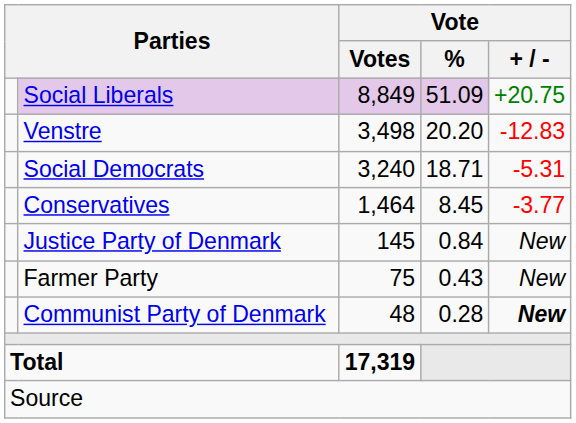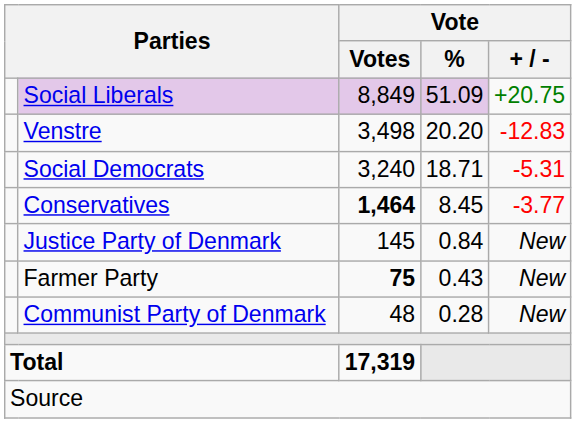 <table class="wikitable" style="text-align:right;">
 <tr>
 <th style="text-align:centre;" rowspan="2" colspan="2" width="225">Parties</th>
 <th colspan="3">Vote</th>
 </tr>
 <tr>
 <th width="15">Votes</th>
 <th width="15">%</th>
 <th width="15">+ / -</th>
 </tr>
 <tr>
 <td width="2" style="color:inherit;background:"></td>
 <td bgcolor=#e3c8e9  align="left"><a href='#'>Social Liberals</a></td>
 <td bgcolor=#e3c8e9>8,849</td>
 <td bgcolor=#e3c8e9>51.09</td>
 <td style=color:green;>+20.75</td>
 </tr>
 <tr>
 <td width="2" style="color:inherit;background:"></td>
 <td align="left"><a href='#'>Venstre</a></td>
 <td>3,498</td>
 <td>20.20</td>
 <td style=color:red;>-12.83</td>
 </tr>
 <tr>
 <td width="2" style="color:inherit;background:"></td>
 <td align="left"><a href='#'>Social Democrats</a></td>
 <td>3,240</td>
 <td>18.71</td>
 <td style=color:red;>-5.31</td>
 </tr>
 <tr>
 <td width="2" style="color:inherit;background:"></td>
 <td align="left"><a href='#'>Conservatives</a></td>
-<td>1,464</td>
+<td><strong>1,464</strong></td>
 <td>8.45</td>
 <td style=color:red;>-3.77</td>
 </tr>
 <tr>
 <td width="2" style="color:inherit;background:"></td>
 <td align="left"><a href='#'>Justice Party of Denmark</a></td>
 <td>145</td>
 <td>0.84</td>
 <td><em>New</em></td>
 </tr>
 <tr>
 <td width="2" style="color:inherit;background:"></td>
 <td align="left">Farmer Party</td>
-<td>75</td>
+<td><strong>75</strong></td>
 <td>0.43</td>
 <td><em>New</em></td>
 </tr>
 <tr>
 <td width="2" style="color:inherit;background:"></td>
 <td align="left"><a href='#'>Communist Party of Denmark</a></td>
 <td>48</td>
 <td>0.28</td>
-<td><strong><em>New</em></strong></td>
+<td><em>New</em></td>
 </tr>
 <tr>
 <td colspan="7" bgcolor="#E9E9E9"></td>
 </tr>
 <tr>
 <td align="left" colspan="2"><strong>Total</strong></td>
 <td><strong>17,319</strong></td>
 <td bgcolor="#E9E9E9" colspan="2"></td>
 </tr>
 <tr>
 <td align="left" colspan="6">Source</td>
 </tr>
 </table>
